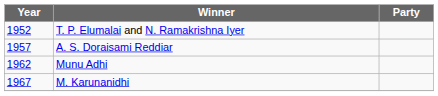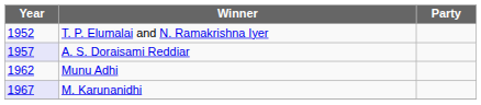 <table class="wikitable" width="50%">
 <tr>
 <th style="background-color:#666666; color:white">Year</th>
 <th style="background-color:#666666; color:white">Winner</th>
 <th style="background-color:#666666; color:white" colspan="2">Party</th>
 </tr>
 <tr>
 <td><a href='#'>1952</a></td>
 <td><a href='#'>T. P. Elumalai</a> and <a href='#'>N. Ramakrishna Iyer</a></td>
 <td></td>
 </tr>
 <tr>
-<td><a href='#'>1957</a></td>
+<td style="background: lavender;"><a href='#'>1957</a></td>
 <td><a href='#'>A. S. Doraisami Reddiar</a></td>
 <td></td>
 </tr>
 <tr>
 <td><a href='#'>1962</a></td>
 <td><a href='#'>Munu Adhi</a></td>
 <td></td>
 </tr>
 <tr>
-<td><a href='#'>1967</a></td>
+<td style="background: lavender;"><a href='#'>1967</a></td>
 <td><a href='#'>M. Karunanidhi</a></td>
 <td></td>
 </tr>
 <tr>
 </tr>
 </table>
